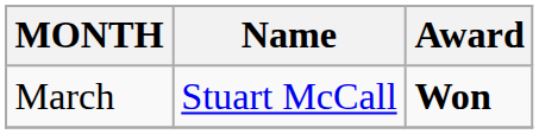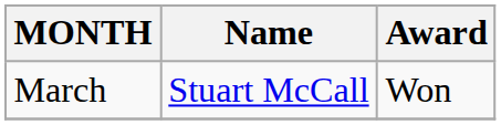 <table class="wikitable"  class= style="text-align:center; border:1px #aaa solid; font-size:95%">
 <tr>
 <th>MONTH</th>
 <th>Name</th>
 <th>Award</th>
 </tr>
 <tr>
 <td>March</td>
 <td> <a href='#'>Stuart McCall</a></td>
-<td><strong>Won</strong></td>
+<td>Won</td>
 </tr>
 <tr>
 </tr>
 </table>
